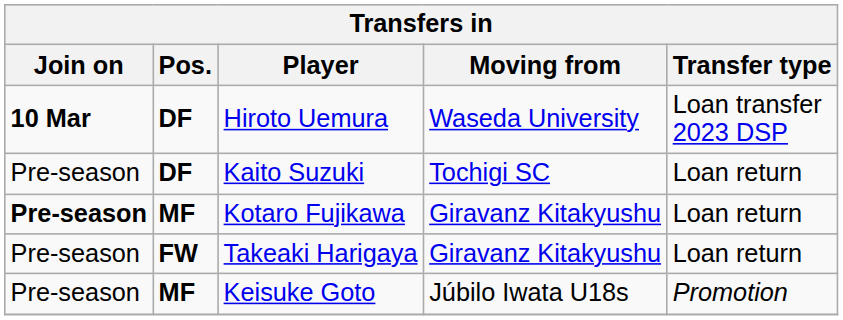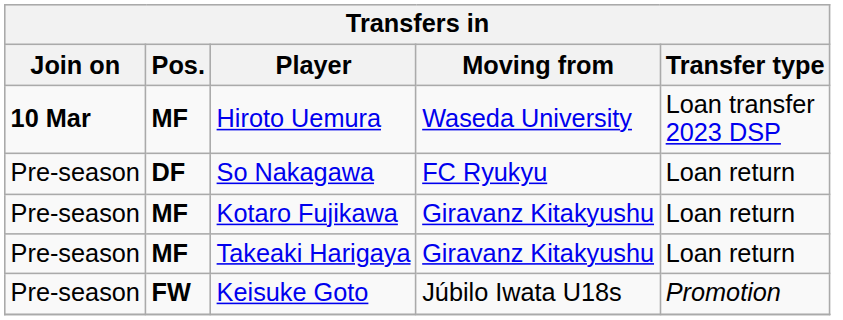 <table class="wikitable sortable" style=“text-align:left;>
 <tr>
 <th colspan="5">Transfers in</th>
 </tr>
 <tr>
 <th>Join on</th>
 <th>Pos.</th>
 <th>Player</th>
 <th>Moving from</th>
 <th>Transfer type</th>
 </tr>
 <tr>
 <td><strong>10 Mar</strong></td>
-<td><strong>DF</strong></td>
+<td><strong>MF</strong></td>
 <td> <a href='#'>Hiroto Uemura</a></td>
 <td> <a href='#'>Waseda University</a></td>
 <td>Loan transfer<br> <a href='#'>2023 DSP</a></td>
 </tr>
 <tr>
 <td>Pre-season</td>
 <td><strong>DF</strong></td>
-<td> <a href='#'>Kaito Suzuki</a></td>
-<td> <a href='#'>Tochigi SC</a></td>
+<td> <a href='#'>So Nakagawa</a></td>
+<td> <a href='#'>FC Ryukyu</a></td>
 <td>Loan return</td>
 </tr>
 <tr>
-<td><strong>Pre-season</strong></td>
+<td>Pre-season</td>
 <td><strong>MF</strong></td>
 <td> <a href='#'>Kotaro Fujikawa</a></td>
 <td> <a href='#'>Giravanz Kitakyushu</a></td>
 <td>Loan return</td>
 </tr>
 <tr>
 <td>Pre-season</td>
-<td><strong>FW</strong></td>
+<td><strong>MF</strong></td>
 <td> <a href='#'>Takeaki Harigaya</a></td>
 <td> <a href='#'>Giravanz Kitakyushu</a></td>
 <td>Loan return</td>
 </tr>
 <tr>
 <td>Pre-season</td>
-<td><strong>MF</strong></td>
+<td><strong>FW</strong></td>
 <td> <a href='#'>Keisuke Goto</a></td>
 <td>Júbilo Iwata U18s</td>
 <td><em>Promotion</em></td>
 </tr>
 <tr>
 </tr>
 </table>
